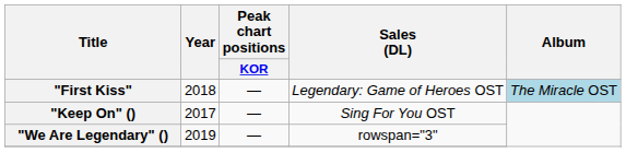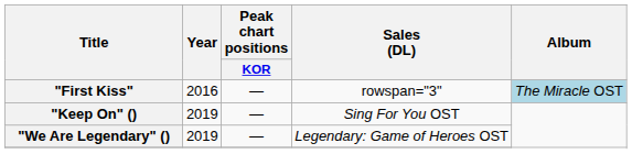 <table class="wikitable plainrowheaders" style="text-align:center;" border="1">
 <tr>
 <th scope="col" rowspan="2" style="width:12em;">Title</th>
 <th scope="col" rowspan="2">Year</th>
 <th scope="col" colspan="1">Peak chart positions</th>
 <th scope="col" rowspan="2">Sales<br>(DL)</th>
 <th scope="col" rowspan="2">Album</th>
 </tr>
 <tr>
 <th scope="col" style="width:3em;font-size:90%;"><a href='#'>KOR</a><br></th>
 </tr>
 <tr>
 <th scope="row">"First Kiss"</th>
-<td>2018</td>
+<td>2016</td>
 <td>—</td>
-<td><em>Legendary: Game of Heroes</em> OST</td>
+<td>rowspan="3" </td>
 <td style="background: lightblue;"><em>The Miracle</em> OST</td>
 </tr>
 <tr>
 <th scope="row">"Keep On" ()</th>
-<td>2017</td>
+<td>2019</td>
 <td>—</td>
 <td><em>Sing For You</em> OST</td>
 </tr>
 <tr>
 <th scope="row">"We Are Legendary" ()</th>
 <td>2019</td>
 <td>—</td>
-<td>rowspan="3" </td>
+<td><em>Legendary: Game of Heroes</em> OST</td>
 </tr>
 <tr>
 </tr>
 </table>
